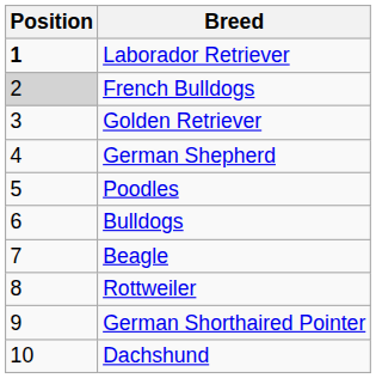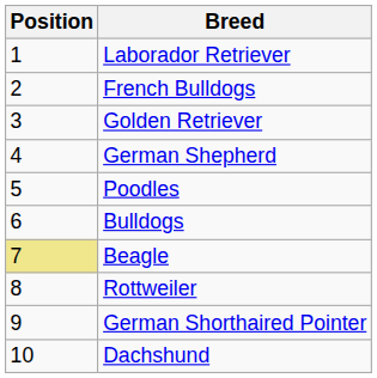 <table class="wikitable sortable">
 <tr>
 <th>Position</th>
 <th>Breed</th>
 </tr>
 <tr>
-<td><strong>1</strong></td>
+<td>1</td>
 <td><a href='#'>Laborador Retriever</a></td>
 </tr>
 <tr>
-<td style="background: lightgrey;">2</td>
+<td>2</td>
 <td><a href='#'>French Bulldogs</a></td>
 </tr>
 <tr>
 <td>3</td>
 <td><a href='#'>Golden Retriever</a></td>
 </tr>
 <tr>
 <td>4</td>
 <td><a href='#'>German Shepherd</a></td>
 </tr>
 <tr>
 <td>5</td>
 <td><a href='#'>Poodles</a></td>
 </tr>
 <tr>
 <td>6</td>
 <td><a href='#'>Bulldogs</a></td>
 </tr>
 <tr>
-<td>7</td>
+<td style="background: khaki;">7</td>
 <td><a href='#'>Beagle</a></td>
 </tr>
 <tr>
 <td>8</td>
 <td><a href='#'>Rottweiler</a></td>
 </tr>
 <tr>
 <td>9</td>
 <td><a href='#'>German Shorthaired Pointer</a></td>
 </tr>
 <tr>
 <td>10</td>
 <td><a href='#'>Dachshund</a></td>
 </tr>
 </table>
